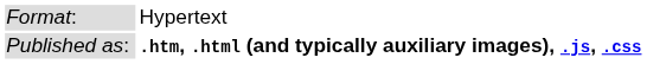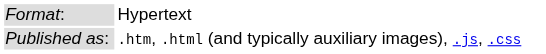 <table style="text-align:left;">
 <tr>
 <td style="background:#ddd; width:100px;"><em>Format</em>:</td>
 <td>Hypertext</td>
 </tr>
 <tr>
 <td style="background:#ddd;"><em>Published as</em>:</td>
-<td><strong><code>.htm</code>, <code>.html</code> (and typically auxiliary images), <code><a href='#'>.js</a></code>, <code><a href='#'>.css</a></code></strong></td>
+<td><code>.htm</code>, <code>.html</code> (and typically auxiliary images), <code><a href='#'>.js</a></code>, <code><a href='#'>.css</a></code></td>
 </tr>
 </table>
